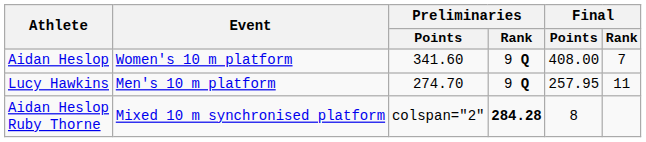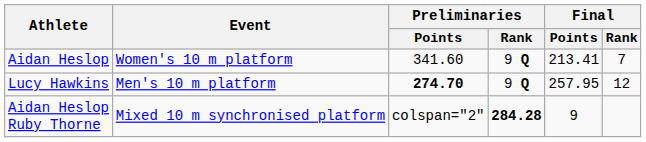 <table class="wikitable" style="font-size:90%; text-align:center">
 <tr>
 <th rowspan=2>Athlete</th>
 <th rowspan=2>Event</th>
 <th colspan=2>Preliminaries</th>
 <th colspan=2>Final</th>
 </tr>
 <tr style="font-size:95%">
 <th>Points</th>
 <th>Rank</th>
 <th>Points</th>
 <th>Rank</th>
 </tr>
 <tr>
 <td align=left><a href='#'>Aidan Heslop</a></td>
 <td align=left><a href='#'>Women's 10 m platform</a></td>
 <td>341.60</td>
 <td>9 <strong>Q</strong></td>
-<td>408.00</td>
+<td>213.41</td>
 <td>7</td>
 </tr>
 <tr>
 <td align=left><a href='#'>Lucy Hawkins</a></td>
 <td align=left><a href='#'>Men's 10 m platform</a></td>
-<td>274.70</td>
+<td><strong>274.70</strong></td>
 <td>9 <strong>Q</strong></td>
 <td>257.95</td>
-<td>11</td>
+<td>12</td>
 </tr>
 <tr>
 <td align=left><a href='#'>Aidan Heslop</a><br><a href='#'>Ruby Thorne</a></td>
 <td align=left><a href='#'>Mixed 10 m synchronised platform</a></td>
 <td>colspan="2" </td>
 <td><strong>284.28</strong></td>
-<td>8</td>
+<td>9</td>
 </tr>
 </table>
